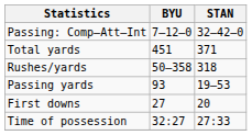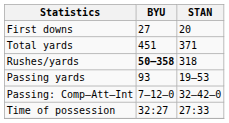 <table class="wikitable" style="float: left;">
 <tr>
 <th>Statistics</th>
 <th>BYU</th>
 <th>STAN</th>
 </tr>
 <tr>
-<td>Passing: Comp–Att–Int</td>
-<td>7–12–0</td>
-<td>32–42–0</td>
+<td>First downs</td>
+<td>27</td>
+<td>20</td>
 </tr>
 <tr>
 <td>Total yards</td>
 <td>451</td>
 <td>371</td>
 </tr>
 <tr>
 <td>Rushes/yards</td>
-<td>50–358</td>
+<td><strong>50–358</strong></td>
 <td>318</td>
 </tr>
 <tr>
 <td>Passing yards</td>
 <td>93</td>
 <td>19–53</td>
 </tr>
 <tr>
-<td>First downs</td>
-<td>27</td>
-<td>20</td>
+<td>Passing: Comp–Att–Int</td>
+<td>7–12–0</td>
+<td>32–42–0</td>
 </tr>
 <tr>
 <td>Time of possession</td>
 <td>32:27</td>
 <td>27:33</td>
 </tr>
 <tr>
 </tr>
 </table>
